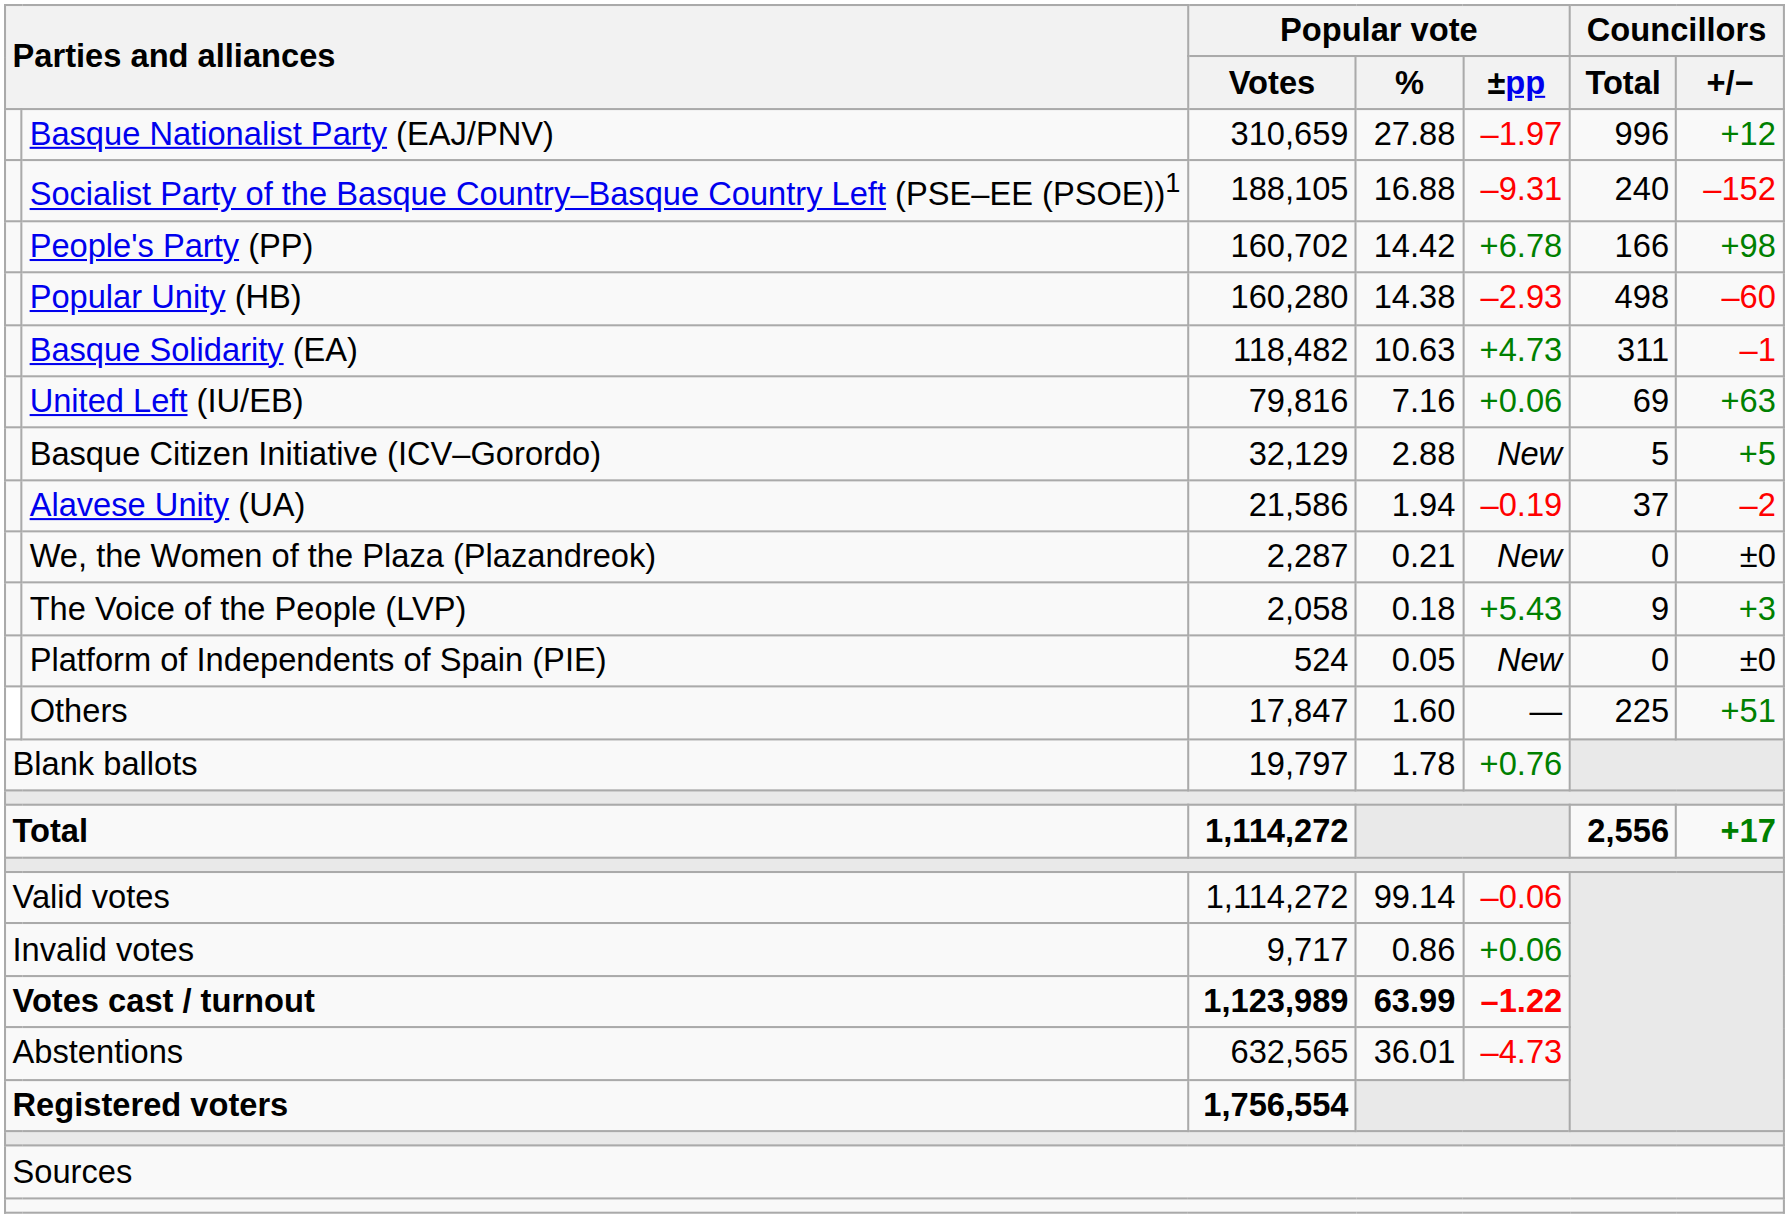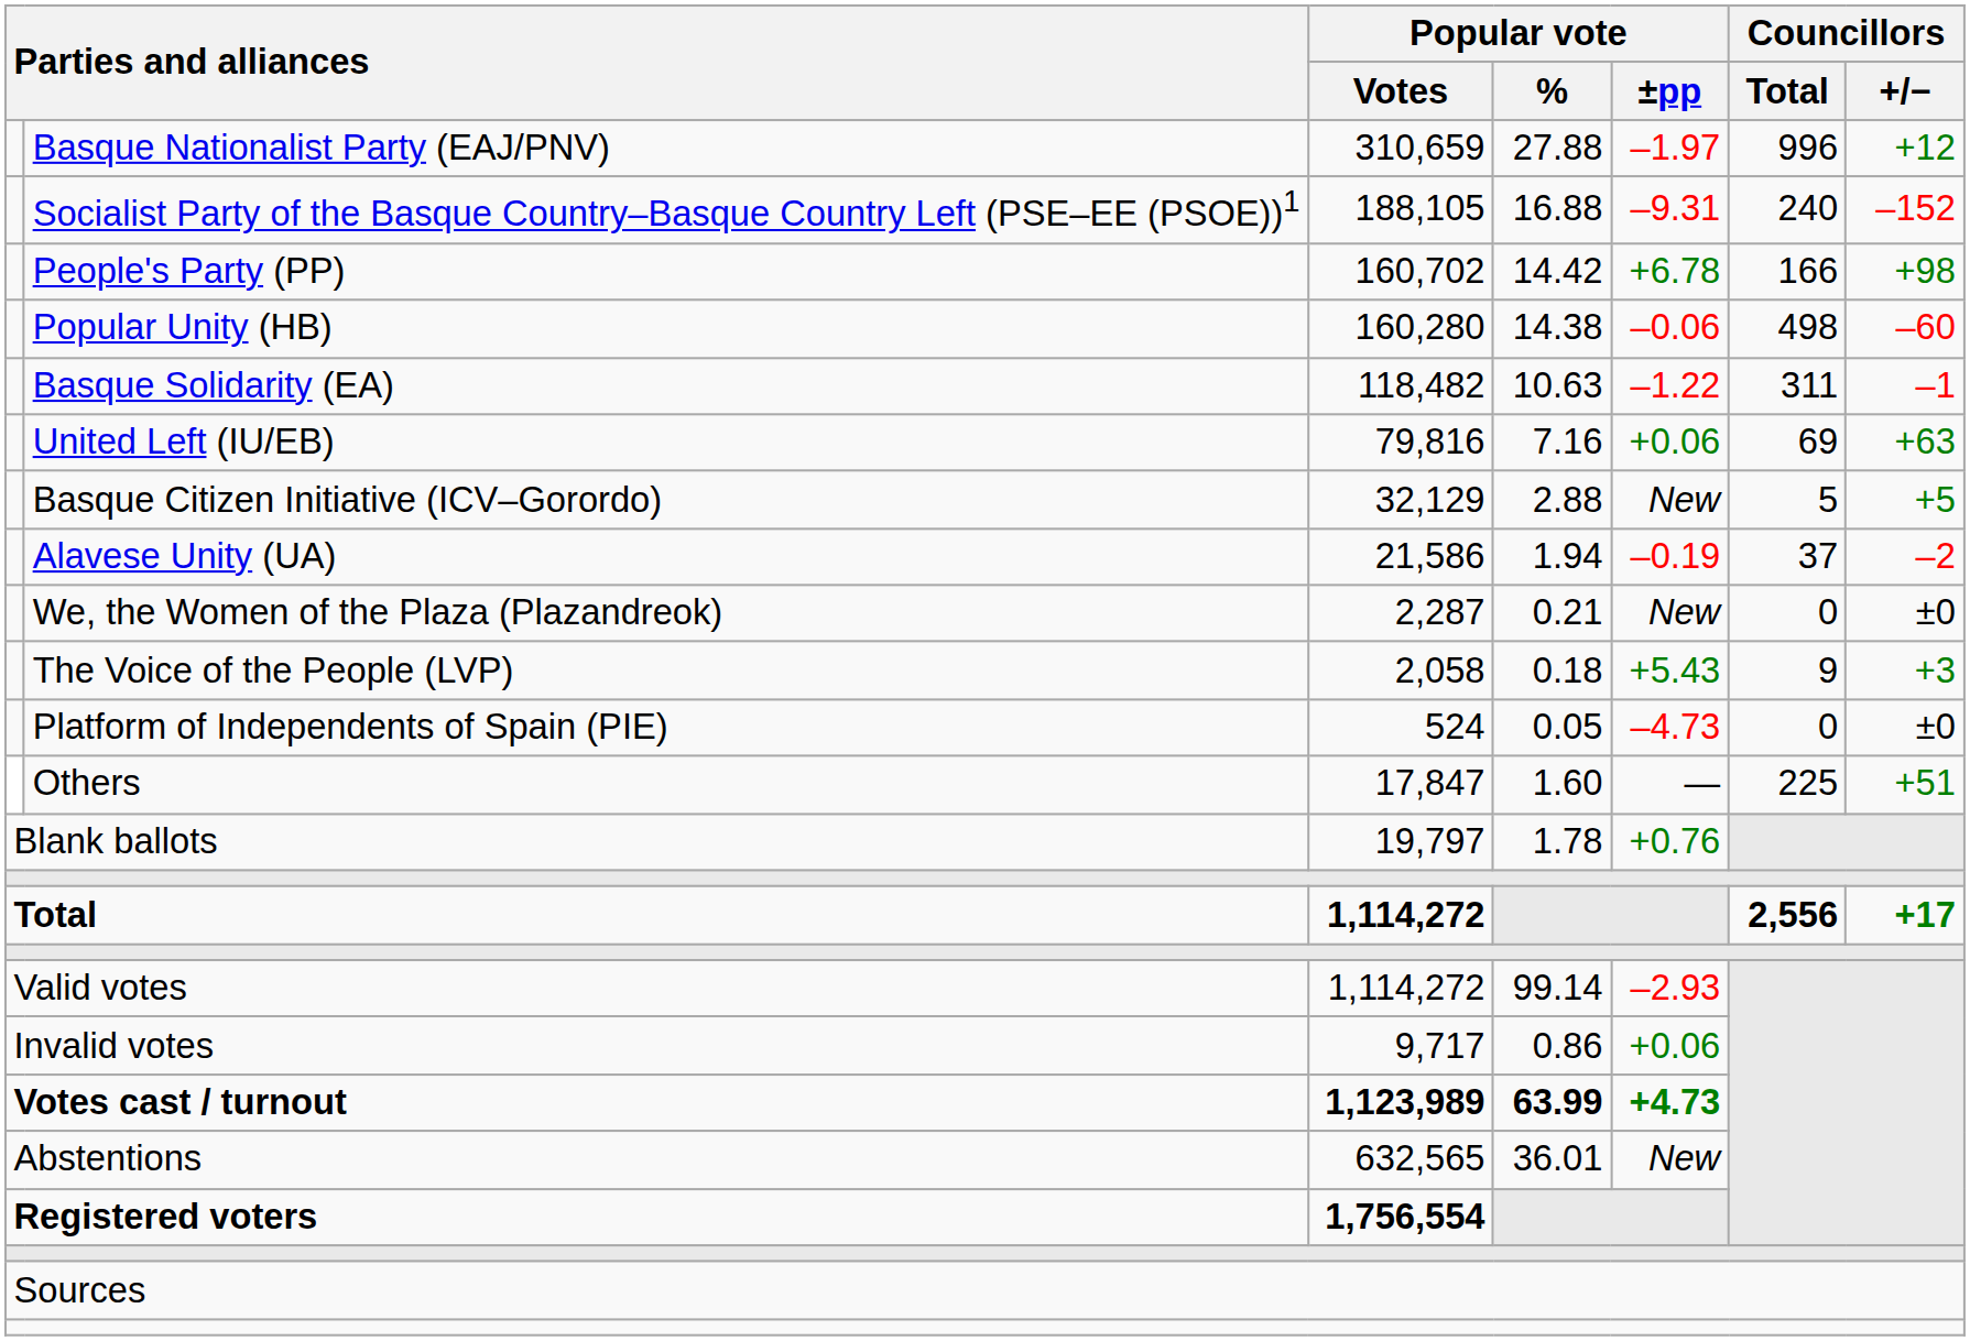 <table class="wikitable" style="text-align:right;">
 <tr>
 <th style="text-align:left;" rowspan="2" colspan="2" width="525">Parties and alliances</th>
 <th colspan="3">Popular vote</th>
 <th colspan="2">Councillors</th>
 </tr>
 <tr>
 <th width="75">Votes</th>
 <th width="45">%</th>
 <th width="45">±<a href='#'>pp</a></th>
 <th width="45">Total</th>
 <th width="45">+/−</th>
 </tr>
 <tr>
 <td width="1" style="color:inherit;background:"></td>
 <td align="left"><a href='#'>Basque Nationalist Party</a> (EAJ/PNV)</td>
 <td>310,659</td>
 <td>27.88</td>
 <td style="color:red;">–1.97</td>
 <td>996</td>
 <td style="color:green;">+12</td>
 </tr>
 <tr>
 <td style="color:inherit;background:"></td>
 <td align="left"><a href='#'>Socialist Party of the Basque Country–Basque Country Left</a> (PSE–EE (PSOE))<sup>1</sup></td>
 <td>188,105</td>
 <td>16.88</td>
 <td style="color:red;">–9.31</td>
 <td>240</td>
 <td style="color:red;">–152</td>
 </tr>
 <tr>
 <td style="color:inherit;background:"></td>
 <td align="left"><a href='#'>People's Party</a> (PP)</td>
 <td>160,702</td>
 <td>14.42</td>
 <td style="color:green;">+6.78</td>
 <td>166</td>
 <td style="color:green;">+98</td>
 </tr>
 <tr>
 <td style="color:inherit;background:"></td>
 <td align="left"><a href='#'>Popular Unity</a> (HB)</td>
 <td>160,280</td>
 <td>14.38</td>
-<td style="color:red;">–2.93</td>
+<td style="color:red;">–0.06</td>
 <td>498</td>
 <td style="color:red;">–60</td>
 </tr>
 <tr>
 <td style="color:inherit;background:"></td>
 <td align="left"><a href='#'>Basque Solidarity</a> (EA)</td>
 <td>118,482</td>
 <td>10.63</td>
-<td style="color:green;">+4.73</td>
+<td style="color:red;">–1.22</td>
 <td>311</td>
 <td style="color:red;">–1</td>
 </tr>
 <tr>
 <td style="color:inherit;background:"></td>
 <td align="left"><a href='#'>United Left</a> (IU/EB)</td>
 <td>79,816</td>
 <td>7.16</td>
 <td style="color:green;">+0.06</td>
 <td>69</td>
 <td style="color:green;">+63</td>
 </tr>
 <tr>
 <td style="color:inherit;background:"></td>
 <td align="left">Basque Citizen Initiative (ICV–Gorordo)</td>
 <td>32,129</td>
 <td>2.88</td>
 <td><em>New</em></td>
 <td>5</td>
 <td style="color:green;">+5</td>
 </tr>
 <tr>
 <td style="color:inherit;background:"></td>
 <td align="left"><a href='#'>Alavese Unity</a> (UA)</td>
 <td>21,586</td>
 <td>1.94</td>
 <td style="color:red;">–0.19</td>
 <td>37</td>
 <td style="color:red;">–2</td>
 </tr>
 <tr>
 <td style="color:inherit;background:"></td>
 <td align="left">We, the Women of the Plaza (Plazandreok)</td>
 <td>2,287</td>
 <td>0.21</td>
 <td><em>New</em></td>
 <td>0</td>
 <td>±0</td>
 </tr>
 <tr>
 <td style="color:inherit;background:"></td>
 <td align="left">The Voice of the People (LVP)</td>
 <td>2,058</td>
 <td>0.18</td>
 <td style="color:green;">+5.43</td>
 <td>9</td>
 <td style="color:green;">+3</td>
 </tr>
 <tr>
 <td style="color:inherit;background:"></td>
 <td align="left">Platform of Independents of Spain (PIE)</td>
 <td>524</td>
 <td>0.05</td>
-<td><em>New</em></td>
+<td style="color:red;">–4.73</td>
 <td>0</td>
 <td>±0</td>
 </tr>
 <tr>
 <td bgcolor="white"></td>
 <td align="left">Others</td>
 <td>17,847</td>
 <td>1.60</td>
 <td>—</td>
 <td>225</td>
 <td style="color:green;">+51</td>
 </tr>
 <tr>
 <td align="left" colspan="2">Blank ballots</td>
 <td>19,797</td>
 <td>1.78</td>
 <td style="color:green;">+0.76</td>
 <td bgcolor="#E9E9E9" colspan="2"></td>
 </tr>
 <tr>
 <td colspan="7" bgcolor="#E9E9E9"></td>
 </tr>
 <tr style="font-weight:bold;">
 <td align="left" colspan="2">Total</td>
 <td>1,114,272</td>
 <td bgcolor="#E9E9E9" colspan="2"></td>
 <td>2,556</td>
 <td style="color:green;">+17</td>
 </tr>
 <tr>
 <td colspan="7" bgcolor="#E9E9E9"></td>
 </tr>
 <tr>
 <td align="left" colspan="2">Valid votes</td>
 <td>1,114,272</td>
 <td>99.14</td>
-<td style="color:red;">–0.06</td>
+<td style="color:red;">–2.93</td>
 <td bgcolor="#E9E9E9" colspan="2" rowspan="5"></td>
 </tr>
 <tr>
 <td align="left" colspan="2">Invalid votes</td>
 <td>9,717</td>
 <td>0.86</td>
 <td style="color:green;">+0.06</td>
 </tr>
 <tr style="font-weight:bold;">
 <td align="left" colspan="2">Votes cast / turnout</td>
 <td>1,123,989</td>
 <td>63.99</td>
-<td style="color:red;">–1.22</td>
+<td style="color:green;">+4.73</td>
 </tr>
 <tr>
 <td align="left" colspan="2">Abstentions</td>
 <td>632,565</td>
 <td>36.01</td>
-<td style="color:red;">–4.73</td>
+<td><em>New</em></td>
 </tr>
 <tr style="font-weight:bold;">
 <td align="left" colspan="2">Registered voters</td>
 <td>1,756,554</td>
 <td bgcolor="#E9E9E9" colspan="2"></td>
 </tr>
 <tr>
 <td colspan="7" bgcolor="#E9E9E9"></td>
 </tr>
 <tr>
 <td align="left" colspan="7">Sources</td>
 </tr>
 <tr>
 <td colspan="7" style="text-align:left; max-width:790px;"></td>
 </tr>
 </table>
